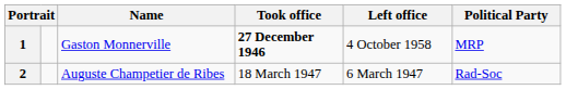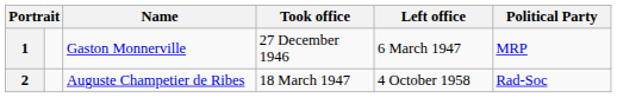 <table class="wikitable">
 <tr>
 <th colspan=2>Portrait</th>
 <th width=200>Name</th>
 <th width=120>Took office</th>
 <th width=120>Left office</th>
 <th width=120>Political Party</th>
 </tr>
 <tr>
 <th style="background:">1</th>
 <td></td>
 <td><a href='#'>Gaston Monnerville</a></td>
-<td><strong>27 December 1946</strong></td>
-<td>4 October 1958</td>
+<td>27 December 1946</td>
+<td>6 March 1947</td>
 <td><a href='#'>MRP</a></td>
 </tr>
 <tr>
 <th style="background:">2</th>
 <td></td>
 <td><a href='#'>Auguste Champetier de Ribes</a></td>
 <td>18 March 1947</td>
-<td>6 March 1947</td>
+<td>4 October 1958</td>
 <td><a href='#'>Rad-Soc</a></td>
 </tr>
 </table>
